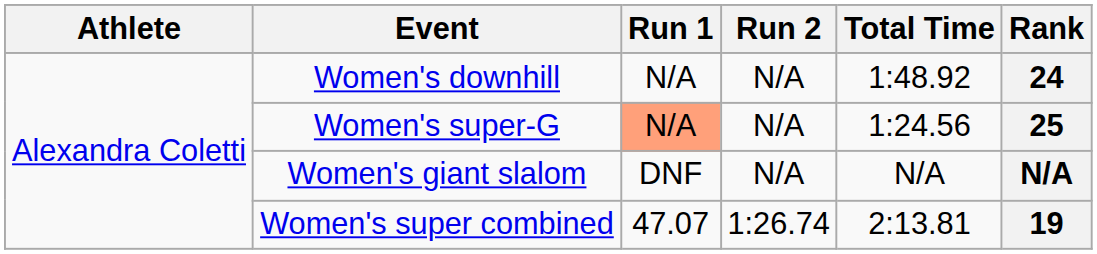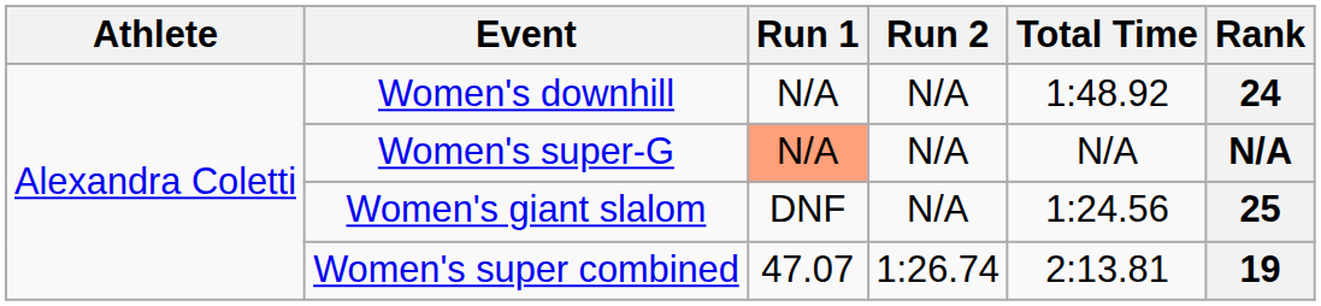 <table class="wikitable">
 <tr>
 <th>Athlete</th>
 <th>Event</th>
 <th>Run 1</th>
 <th>Run 2</th>
 <th>Total Time</th>
 <th>Rank</th>
 </tr>
 <tr>
 <td rowspan=4><a href='#'>Alexandra Coletti</a></td>
 <td align="center"><a href='#'>Women's downhill</a></td>
 <td align="Center">N/A</td>
 <td align="Center">N/A</td>
 <td align="center">1:48.92</td>
 <th>24</th>
 </tr>
 <tr>
 <td align="center"><a href='#'>Women's super-G</a></td>
 <td align="Center" style="background: lightsalmon;">N/A</td>
 <td align="Center">N/A</td>
-<td align="center">1:24.56</td>
-<th>25</th>
+<td align="Center">N/A</td>
+<th>N/A</th>
 </tr>
 <tr>
 <td align="center"><a href='#'>Women's giant slalom</a></td>
 <td align="center">DNF</td>
 <td align="Center">N/A</td>
-<td align="Center">N/A</td>
-<th>N/A</th>
+<td align="center">1:24.56</td>
+<th>25</th>
 </tr>
 <tr>
 <td align="center"><a href='#'>Women's super combined</a></td>
 <td align="center">47.07</td>
 <td align="center">1:26.74</td>
 <td align="center">2:13.81</td>
 <th>19</th>
 </tr>
 </table>
